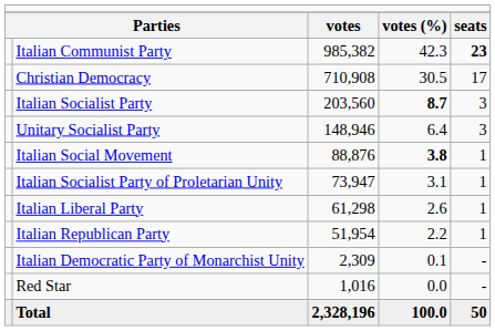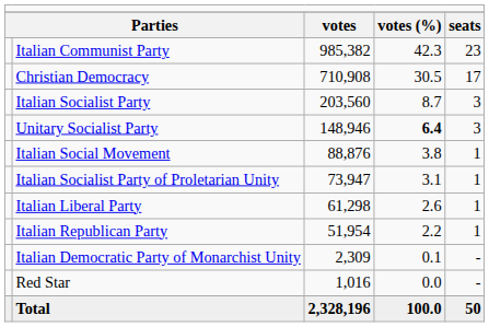 <table class="wikitable" style="font-size:95%">
 <tr>
 <td colspan=5 align=center></td>
 </tr>
 <tr>
 </tr>
 <tr bgcolor="EFEFEF">
 <th colspan=2>Parties</th>
 <th>votes</th>
 <th>votes (%)</th>
 <th>seats</th>
 </tr>
 <tr>
 <td bgcolor=></td>
 <td><a href='#'>Italian Communist Party</a></td>
 <td align=right>985,382</td>
 <td align=right>42.3</td>
-<td align=right><strong>23</strong></td>
+<td align=right>23</td>
 </tr>
 <tr>
 <td bgcolor=></td>
 <td><a href='#'>Christian Democracy</a></td>
 <td align=right>710,908</td>
 <td align=right>30.5</td>
 <td align=right>17</td>
 </tr>
 <tr>
 <td bgcolor=></td>
 <td><a href='#'>Italian Socialist Party</a></td>
 <td align=right>203,560</td>
-<td align=right><strong>8.7</strong></td>
+<td align=right>8.7</td>
 <td align=right>3</td>
 </tr>
 <tr>
 <td bgcolor=></td>
 <td><a href='#'>Unitary Socialist Party</a></td>
 <td align=right>148,946</td>
-<td align=right>6.4</td>
+<td align=right><strong>6.4</strong></td>
 <td align=right>3</td>
 </tr>
 <tr>
 <td bgcolor=></td>
 <td><a href='#'>Italian Social Movement</a></td>
 <td align=right>88,876</td>
-<td align=right><strong>3.8</strong></td>
+<td align=right>3.8</td>
 <td align=right>1</td>
 </tr>
 <tr>
 <td bgcolor=></td>
 <td><a href='#'>Italian Socialist Party of Proletarian Unity</a></td>
 <td align=right>73,947</td>
 <td align=right>3.1</td>
 <td align=right>1</td>
 </tr>
 <tr>
 <td bgcolor=></td>
 <td><a href='#'>Italian Liberal Party</a></td>
 <td align=right>61,298</td>
 <td align=right>2.6</td>
 <td align=right>1</td>
 </tr>
 <tr>
 <td bgcolor=></td>
 <td><a href='#'>Italian Republican Party</a></td>
 <td align=right>51,954</td>
 <td align=right>2.2</td>
 <td align=right>1</td>
 </tr>
 <tr>
 <td></td>
 <td><a href='#'>Italian Democratic Party of Monarchist Unity</a></td>
 <td align=right>2,309</td>
 <td align=right>0.1</td>
 <td align=right>-</td>
 </tr>
 <tr>
 <td></td>
 <td>Red Star</td>
 <td align=right>1,016</td>
 <td align=right>0.0</td>
 <td align=right>-</td>
 </tr>
 <tr>
 </tr>
 <tr bgcolor="EFEFEF">
 <td></td>
 <td><strong>Total</strong></td>
 <td align=right><strong>2,328,196</strong></td>
 <td align=right><strong>100.0</strong></td>
 <td align=right><strong>50</strong></td>
 </tr>
 </table>
